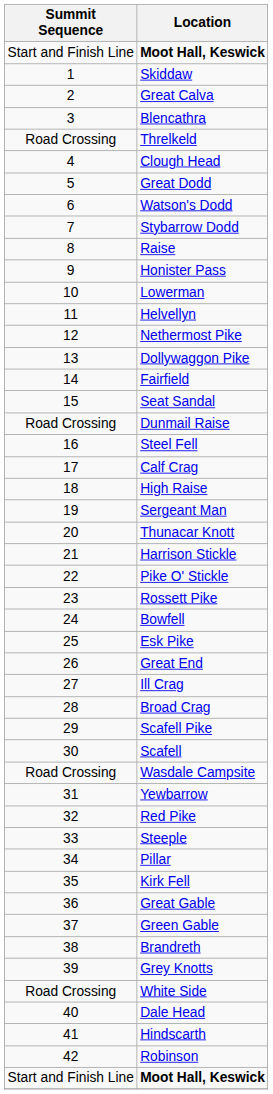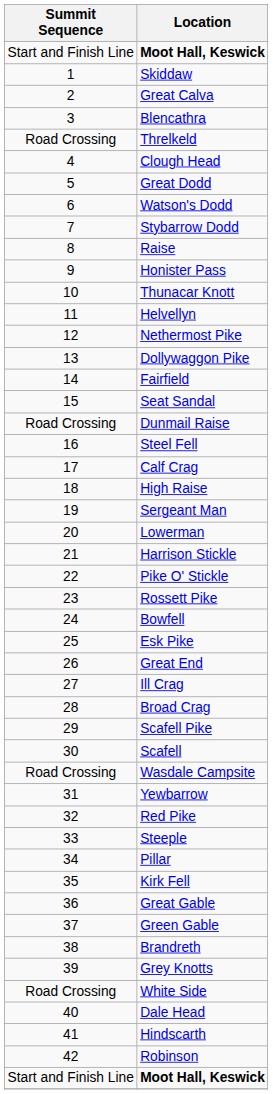 <table class="wikitable">
 <tr>
 <th>Summit<br> Sequence</th>
 <th>Location</th>
 </tr>
 <tr>
 <td align="center">Start and Finish Line</td>
 <td align="left"><strong>Moot Hall, Keswick</strong></td>
 </tr>
 <tr>
 <td align="center">1</td>
 <td align="left"><a href='#'>Skiddaw</a></td>
 </tr>
 <tr>
 <td align="center">2</td>
 <td align="left"><a href='#'>Great Calva</a></td>
 </tr>
 <tr>
 <td align="center">3</td>
 <td align="left"><a href='#'>Blencathra</a></td>
 </tr>
 <tr>
 <td align="center">Road Crossing</td>
 <td align="left"><a href='#'>Threlkeld</a></td>
 </tr>
 <tr>
 <td align="center">4</td>
 <td align="left"><a href='#'>Clough Head</a></td>
 </tr>
 <tr>
 <td align="center">5</td>
 <td align="left"><a href='#'>Great Dodd</a></td>
 </tr>
 <tr>
 <td align="center">6</td>
 <td align="left"><a href='#'>Watson's Dodd</a></td>
 </tr>
 <tr>
 <td align="center">7</td>
 <td align="left"><a href='#'>Stybarrow Dodd</a></td>
 </tr>
 <tr>
 <td align="center">8</td>
 <td align="left"><a href='#'>Raise</a></td>
 </tr>
 <tr>
 <td align="center">9</td>
 <td align="left"><a href='#'>Honister Pass</a></td>
 </tr>
 <tr>
 <td align="center">10</td>
-<td align="left"><a href='#'>Lowerman</a></td>
+<td align="left"><a href='#'>Thunacar Knott</a></td>
 </tr>
 <tr>
 <td align="center">11</td>
 <td align="left"><a href='#'>Helvellyn</a></td>
 </tr>
 <tr>
 <td align="center">12</td>
 <td align="left"><a href='#'>Nethermost Pike</a></td>
 </tr>
 <tr>
 <td align="center">13</td>
 <td align="left"><a href='#'>Dollywaggon Pike</a></td>
 </tr>
 <tr>
 <td align="center">14</td>
 <td align="left"><a href='#'>Fairfield</a></td>
 </tr>
 <tr>
 <td align="center">15</td>
 <td align="left"><a href='#'>Seat Sandal</a></td>
 </tr>
 <tr>
 <td align="center">Road Crossing</td>
 <td align="left"><a href='#'>Dunmail Raise</a></td>
 </tr>
 <tr>
 <td align="center">16</td>
 <td align="left"><a href='#'>Steel Fell</a></td>
 </tr>
 <tr>
 <td align="center">17</td>
 <td align="left"><a href='#'>Calf Crag</a></td>
 </tr>
 <tr>
 <td align="center">18</td>
 <td align="left"><a href='#'>High Raise</a></td>
 </tr>
 <tr>
 <td align="center">19</td>
 <td align="left"><a href='#'>Sergeant Man</a></td>
 </tr>
 <tr>
 <td align="center">20</td>
-<td align="left"><a href='#'>Thunacar Knott</a></td>
+<td align="left"><a href='#'>Lowerman</a></td>
 </tr>
 <tr>
 <td align="center">21</td>
 <td align="left"><a href='#'>Harrison Stickle</a></td>
 </tr>
 <tr>
 <td align="center">22</td>
 <td align="left"><a href='#'>Pike O' Stickle</a></td>
 </tr>
 <tr>
 <td align="center">23</td>
 <td align="left"><a href='#'>Rossett Pike</a></td>
 </tr>
 <tr>
 <td align="center">24</td>
 <td align="left"><a href='#'>Bowfell</a></td>
 </tr>
 <tr>
 <td align="center">25</td>
 <td align="left"><a href='#'>Esk Pike</a></td>
 </tr>
 <tr>
 <td align="center">26</td>
 <td align="left"><a href='#'>Great End</a></td>
 </tr>
 <tr>
 <td align="center">27</td>
 <td align="left"><a href='#'>Ill Crag</a></td>
 </tr>
 <tr>
 <td align="center">28</td>
 <td align="left"><a href='#'>Broad Crag</a></td>
 </tr>
 <tr>
 <td align="center">29</td>
 <td align="left"><a href='#'>Scafell Pike</a></td>
 </tr>
 <tr>
 <td align="center">30</td>
 <td align="left"><a href='#'>Scafell</a></td>
 </tr>
 <tr>
 <td align="center">Road Crossing</td>
 <td align="left"><a href='#'>Wasdale Campsite</a></td>
 </tr>
 <tr>
 <td align="center">31</td>
 <td align="left"><a href='#'>Yewbarrow</a></td>
 </tr>
 <tr>
 <td align="center">32</td>
 <td align="left"><a href='#'>Red Pike</a></td>
 </tr>
 <tr>
 <td align="center">33</td>
 <td align="left"><a href='#'>Steeple</a></td>
 </tr>
 <tr>
 <td align="center">34</td>
 <td align="left"><a href='#'>Pillar</a></td>
 </tr>
 <tr>
 <td align="center">35</td>
 <td align="left"><a href='#'>Kirk Fell</a></td>
 </tr>
 <tr>
 <td align="center">36</td>
 <td align="left"><a href='#'>Great Gable</a></td>
 </tr>
 <tr>
 <td align="center">37</td>
 <td align="left"><a href='#'>Green Gable</a></td>
 </tr>
 <tr>
 <td align="center">38</td>
 <td align="left"><a href='#'>Brandreth</a></td>
 </tr>
 <tr>
 <td align="center">39</td>
 <td align="left"><a href='#'>Grey Knotts</a></td>
 </tr>
 <tr>
 <td align="center">Road Crossing</td>
 <td align="left"><a href='#'>White Side</a></td>
 </tr>
 <tr>
 <td align="center">40</td>
 <td align="left"><a href='#'>Dale Head</a></td>
 </tr>
 <tr>
 <td align="center">41</td>
 <td align="left"><a href='#'>Hindscarth</a></td>
 </tr>
 <tr>
 <td align="center">42</td>
 <td align="left"><a href='#'>Robinson</a></td>
 </tr>
 <tr>
 <td align="center">Start and Finish Line</td>
 <td align="left"><strong>Moot Hall, Keswick</strong></td>
 </tr>
 <tr>
 </tr>
 </table>
